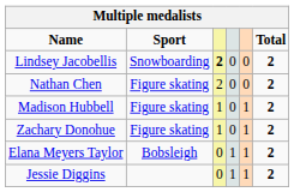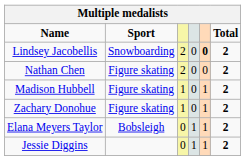 <table class=wikitable style=font-size:85%;float:right;text-align:center>
 <tr>
 <th colspan=7>Multiple medalists</th>
 </tr>
 <tr>
 <td><strong>Name</strong></td>
 <td><strong>Sport</strong></td>
 <td bgcolor=F7F6A8></td>
 <td bgcolor=DCE5E5></td>
 <td bgcolor=FFDAB9></td>
 <td><strong>Total</strong></td>
 </tr>
 <tr>
 <td><a href='#'>Lindsey Jacobellis</a></td>
 <td><a href='#'>Snowboarding</a></td>
-<td bgcolor=F7F6A8><strong>2</strong></td>
+<td bgcolor=F7F6A8>2</td>
 <td bgcolor=DCE5E5>0</td>
-<td bgcolor=FFDAB9>0</td>
+<td bgcolor=FFDAB9><strong>0</strong></td>
 <td><strong>2</strong></td>
 </tr>
 <tr>
 <td><a href='#'>Nathan Chen</a></td>
 <td><a href='#'>Figure skating</a></td>
 <td bgcolor=F7F6A8>2</td>
 <td bgcolor=DCE5E5>0</td>
 <td bgcolor=FFDAB9>0</td>
 <td><strong>2</strong></td>
 </tr>
 <tr>
 <td><a href='#'>Madison Hubbell</a></td>
 <td><a href='#'>Figure skating</a></td>
 <td bgcolor=F7F6A8>1</td>
 <td bgcolor=DCE5E5>0</td>
 <td bgcolor=FFDAB9>1</td>
 <td><strong>2</strong></td>
 </tr>
 <tr>
 <td><a href='#'>Zachary Donohue</a></td>
 <td><a href='#'>Figure skating</a></td>
 <td bgcolor=F7F6A8>1</td>
 <td bgcolor=DCE5E5>0</td>
 <td bgcolor=FFDAB9>1</td>
 <td><strong>2</strong></td>
 </tr>
 <tr>
 <td><a href='#'>Elana Meyers Taylor</a></td>
 <td><a href='#'>Bobsleigh</a></td>
 <td bgcolor=F7F6A8>0</td>
 <td bgcolor=DCE5E5>1</td>
 <td bgcolor=FFDAB9>1</td>
 <td><strong>2</strong></td>
 </tr>
 <tr>
 <td><a href='#'>Jessie Diggins</a></td>
 <td></td>
 <td bgcolor=F7F6A8>0</td>
 <td bgcolor=DCE5E5>1</td>
 <td bgcolor=FFDAB9>1</td>
 <td><strong>2</strong></td>
 </tr>
 </table>
